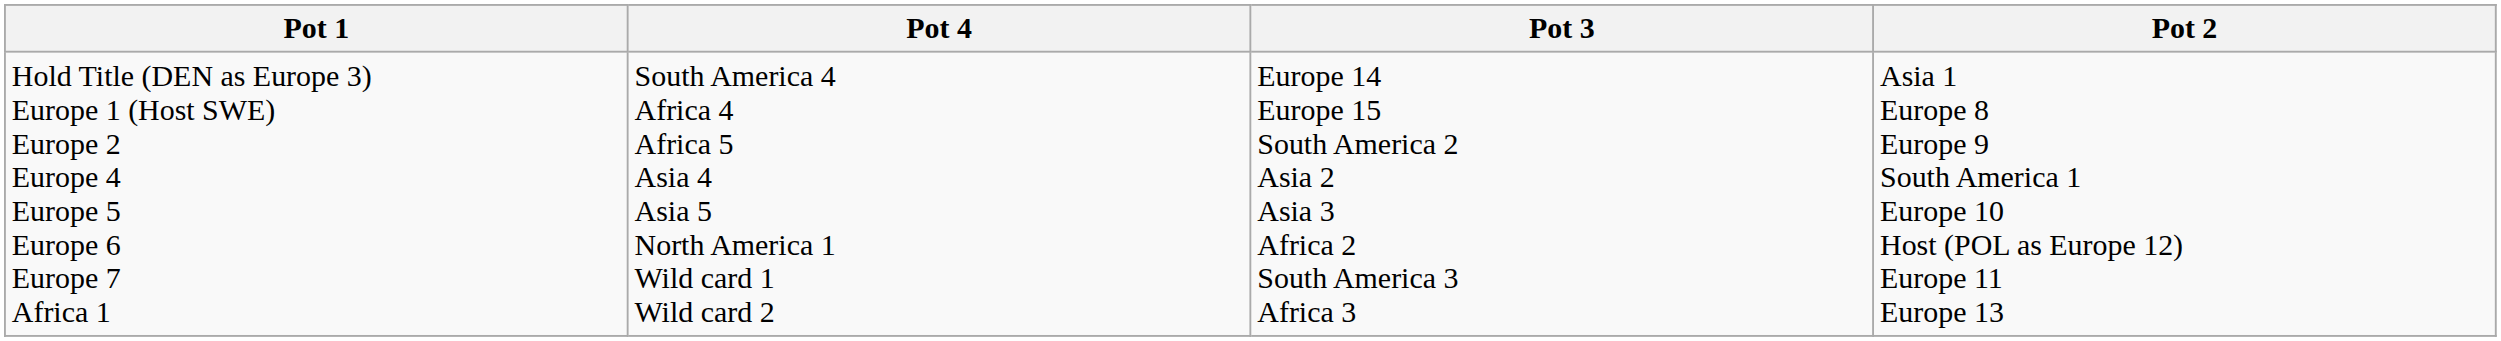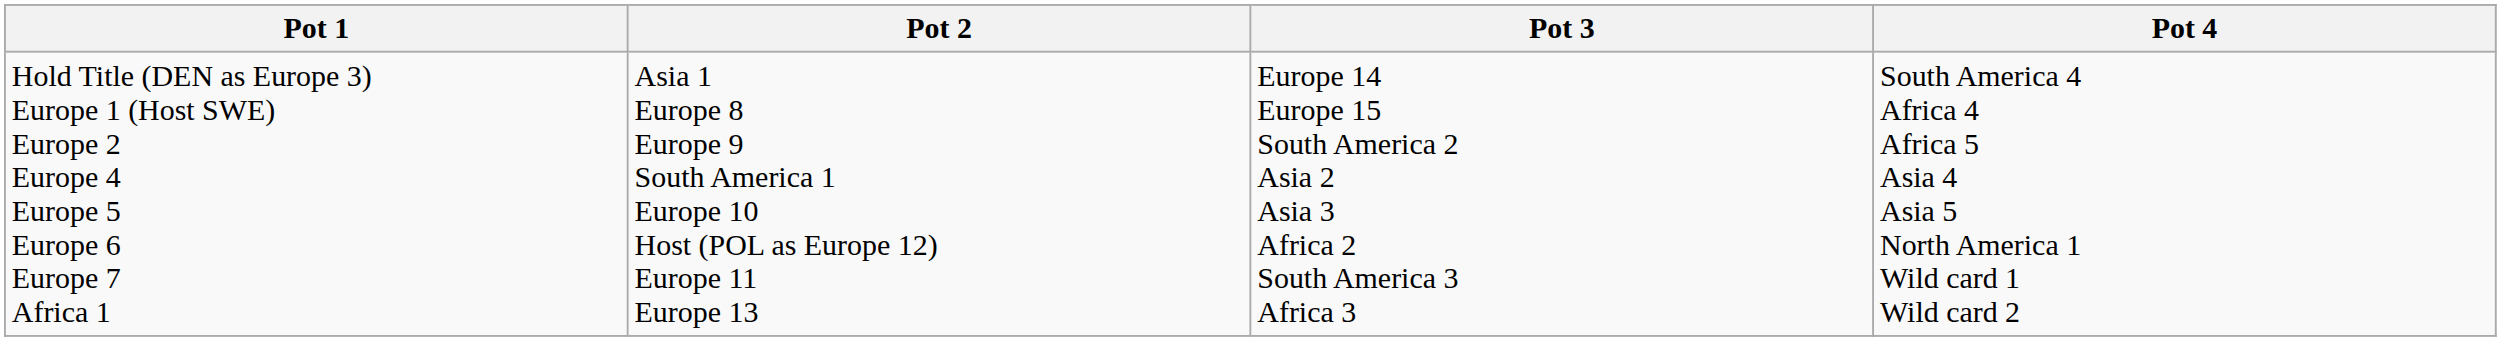 <table class="wikitable">
 <tr>
 <th style="width: 15%;">Pot 1</th>
+<th style="width: 15%;">Pot 2</th>
+<th style="width: 15%;">Pot 3</th>
 <th style="width: 15%;">Pot 4</th>
-<th style="width: 15%;">Pot 3</th>
-<th style="width: 15%;">Pot 2</th>
 </tr>
 <tr>
 <td style="vertical-align: top;">Hold Title (DEN as Europe 3)<br>Europe 1 (Host SWE)<br>Europe 2<br>Europe 4<br>Europe 5<br>Europe 6<br>Europe 7<br>Africa 1</td>
+<td style="vertical-align: top;">Asia 1<br>Europe 8<br>Europe 9<br>South America 1<br>Europe 10<br>Host (POL as Europe 12)<br>Europe 11<br>Europe 13</td>
+<td style="vertical-align: top;">Europe 14<br>Europe 15<br>South America 2<br>Asia 2<br>Asia 3<br>Africa 2<br>South America 3<br>Africa 3</td>
 <td style="vertical-align: top;">South America 4<br>Africa 4<br>Africa 5<br>Asia 4<br>Asia 5<br>North America 1<br>Wild card 1<br>Wild card 2</td>
-<td style="vertical-align: top;">Europe 14<br>Europe 15<br>South America 2<br>Asia 2<br>Asia 3<br>Africa 2<br>South America 3<br>Africa 3</td>
-<td style="vertical-align: top;">Asia 1<br>Europe 8<br>Europe 9<br>South America 1<br>Europe 10<br>Host (POL as Europe 12)<br>Europe 11<br>Europe 13</td>
 </tr>
 </table>
